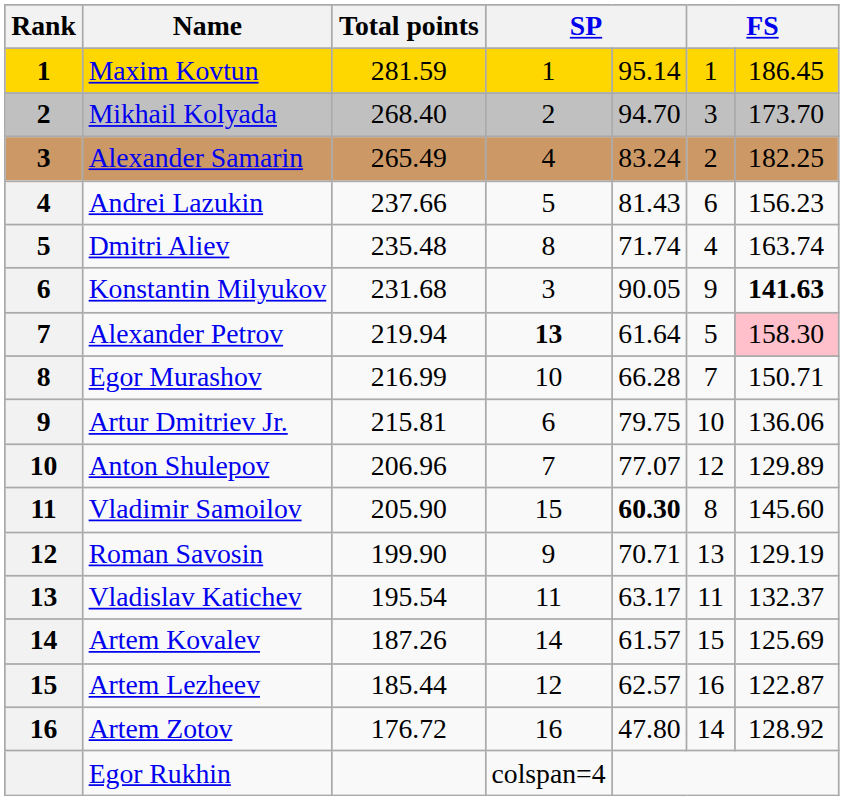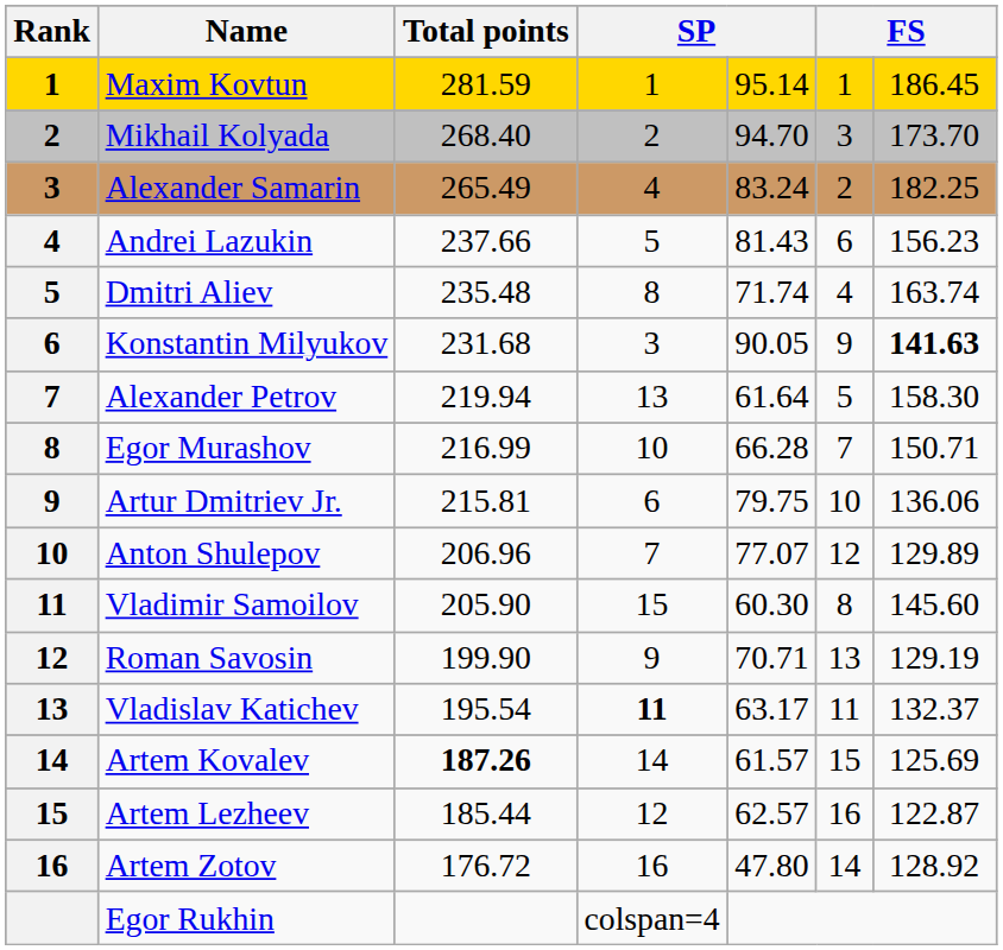 <table class="wikitable sortable">
 <tr>
 <th>Rank</th>
 <th>Name</th>
 <th>Total points</th>
 <th colspan="2" width="80px"><a href='#'>SP</a></th>
 <th colspan="2" width="80px"><a href='#'>FS</a></th>
 </tr>
 <tr bgcolor="gold">
 <td align="center"><strong>1</strong></td>
 <td><a href='#'>Maxim Kovtun</a></td>
 <td align="center">281.59</td>
 <td align="center">1</td>
 <td align="center">95.14</td>
 <td align="center">1</td>
 <td align="center">186.45</td>
 </tr>
 <tr bgcolor="silver">
 <td align="center"><strong>2</strong></td>
 <td><a href='#'>Mikhail Kolyada</a></td>
 <td align="center">268.40</td>
 <td align="center">2</td>
 <td align="center">94.70</td>
 <td align="center">3</td>
 <td align="center">173.70</td>
 </tr>
 <tr bgcolor="cc9966">
 <td align="center"><strong>3</strong></td>
 <td><a href='#'>Alexander Samarin</a></td>
 <td align="center">265.49</td>
 <td align="center">4</td>
 <td align="center">83.24</td>
 <td align="center">2</td>
 <td align="center">182.25</td>
 </tr>
 <tr>
 <th>4</th>
 <td><a href='#'>Andrei Lazukin</a></td>
 <td align="center">237.66</td>
 <td align="center">5</td>
 <td align="center">81.43</td>
 <td align="center">6</td>
 <td align="center">156.23</td>
 </tr>
 <tr>
 <th>5</th>
 <td><a href='#'>Dmitri Aliev</a></td>
 <td align="center">235.48</td>
 <td align="center">8</td>
 <td align="center">71.74</td>
 <td align="center">4</td>
 <td align="center">163.74</td>
 </tr>
 <tr>
 <th>6</th>
 <td><a href='#'>Konstantin Milyukov</a></td>
 <td align="center">231.68</td>
 <td align="center">3</td>
 <td align="center">90.05</td>
 <td align="center">9</td>
 <td align="center"><strong>141.63</strong></td>
 </tr>
 <tr>
 <th>7</th>
 <td><a href='#'>Alexander Petrov</a></td>
 <td align="center">219.94</td>
-<td align="center"><strong>13</strong></td>
+<td align="center">13</td>
 <td align="center">61.64</td>
 <td align="center">5</td>
-<td align="center" style="background: pink;">158.30</td>
+<td align="center">158.30</td>
 </tr>
 <tr>
 <th>8</th>
 <td><a href='#'>Egor Murashov</a></td>
 <td align="center">216.99</td>
 <td align="center">10</td>
 <td align="center">66.28</td>
 <td align="center">7</td>
 <td align="center">150.71</td>
 </tr>
 <tr>
 <th>9</th>
 <td><a href='#'>Artur Dmitriev Jr.</a></td>
 <td align="center">215.81</td>
 <td align="center">6</td>
 <td align="center">79.75</td>
 <td align="center">10</td>
 <td align="center">136.06</td>
 </tr>
 <tr>
 <th>10</th>
 <td><a href='#'>Anton Shulepov</a></td>
 <td align="center">206.96</td>
 <td align="center">7</td>
 <td align="center">77.07</td>
 <td align="center">12</td>
 <td align="center">129.89</td>
 </tr>
 <tr>
 <th>11</th>
 <td><a href='#'>Vladimir Samoilov</a></td>
 <td align="center">205.90</td>
 <td align="center">15</td>
-<td align="center"><strong>60.30</strong></td>
+<td align="center">60.30</td>
 <td align="center">8</td>
 <td align="center">145.60</td>
 </tr>
 <tr>
 <th>12</th>
 <td><a href='#'>Roman Savosin</a></td>
 <td align="center">199.90</td>
 <td align="center">9</td>
 <td align="center">70.71</td>
 <td align="center">13</td>
 <td align="center">129.19</td>
 </tr>
 <tr>
 <th>13</th>
 <td><a href='#'>Vladislav Katichev</a></td>
 <td align="center">195.54</td>
-<td align="center">11</td>
+<td align="center"><strong>11</strong></td>
 <td align="center">63.17</td>
 <td align="center">11</td>
 <td align="center">132.37</td>
 </tr>
 <tr>
 <th>14</th>
 <td><a href='#'>Artem Kovalev</a></td>
-<td align="center">187.26</td>
+<td align="center"><strong>187.26</strong></td>
 <td align="center">14</td>
 <td align="center">61.57</td>
 <td align="center">15</td>
 <td align="center">125.69</td>
 </tr>
 <tr>
 <th>15</th>
 <td><a href='#'>Artem Lezheev</a></td>
 <td align="center">185.44</td>
 <td align="center">12</td>
 <td align="center">62.57</td>
 <td align="center">16</td>
 <td align="center">122.87</td>
 </tr>
 <tr>
 <th>16</th>
 <td><a href='#'>Artem Zotov</a></td>
 <td align="center">176.72</td>
 <td align="center">16</td>
 <td align="center">47.80</td>
 <td align="center">14</td>
 <td align="center">128.92</td>
 </tr>
 <tr>
 <th></th>
 <td><a href='#'>Egor Rukhin</a></td>
 <td></td>
 <td>colspan=4 </td>
 </tr>
 </table>
